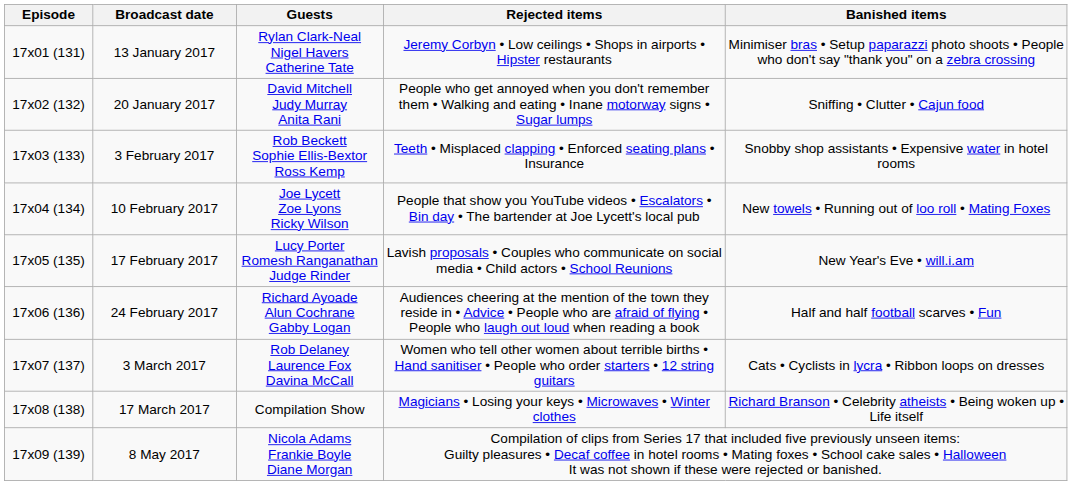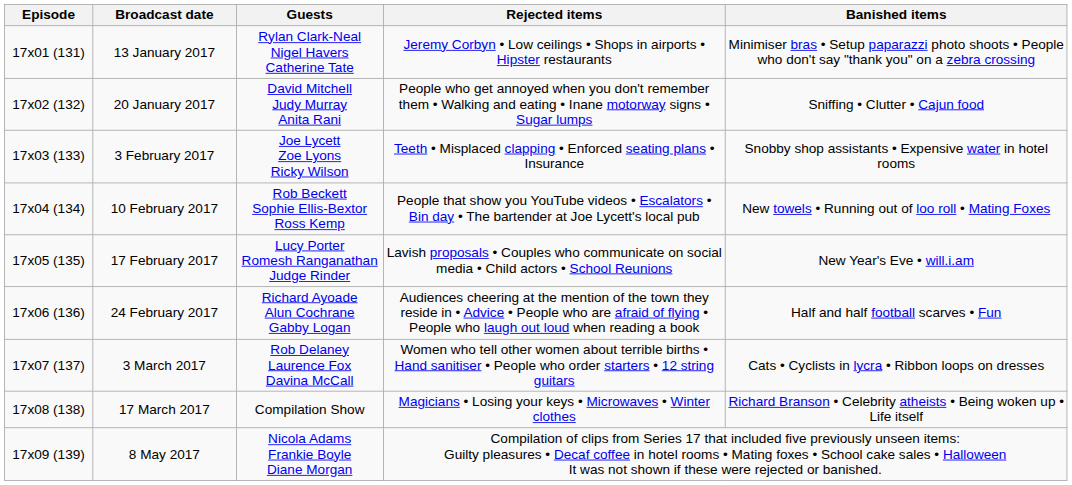 <table class="wikitable"  style="width:99%; left:0 auto; text-align:center;">
 <tr>
 <th style="width:8%;">Episode</th>
 <th style="width:13%;">Broadcast date</th>
 <th style="width:12%;">Guests</th>
 <th style="width:31%;">Rejected items</th>
 <th style="width:31%;">Banished items</th>
 </tr>
 <tr>
 <td>17x01 (131)</td>
 <td>13 January 2017</td>
 <td><a href='#'>Rylan Clark-Neal</a><br><a href='#'>Nigel Havers</a><br><a href='#'>Catherine Tate</a></td>
 <td><a href='#'>Jeremy Corbyn</a> • Low ceilings • Shops in airports • <a href='#'>Hipster</a> restaurants</td>
 <td>Minimiser <a href='#'>bras</a> • Setup <a href='#'>paparazzi</a> photo shoots • People who don't say "thank you" on a <a href='#'>zebra crossing</a></td>
 </tr>
 <tr>
 <td>17x02 (132)</td>
 <td>20 January 2017</td>
 <td><a href='#'>David Mitchell</a><br><a href='#'>Judy Murray</a><br><a href='#'>Anita Rani</a></td>
 <td>People who get annoyed when you don't remember them • Walking and eating • Inane <a href='#'>motorway</a> signs • <a href='#'>Sugar lumps</a></td>
 <td>Sniffing • Clutter • <a href='#'>Cajun food</a></td>
 </tr>
 <tr>
 <td>17x03 (133)</td>
 <td>3 February 2017</td>
-<td><a href='#'>Rob Beckett</a><br><a href='#'>Sophie Ellis-Bextor</a><br><a href='#'>Ross Kemp</a></td>
+<td><a href='#'>Joe Lycett</a><br><a href='#'>Zoe Lyons</a><br><a href='#'>Ricky Wilson</a></td>
 <td><a href='#'>Teeth</a> • Misplaced <a href='#'>clapping</a> • Enforced <a href='#'>seating plans</a> • Insurance</td>
 <td>Snobby shop assistants • Expensive <a href='#'>water</a> in hotel rooms</td>
 </tr>
 <tr>
 <td>17x04 (134)</td>
 <td>10 February 2017</td>
-<td><a href='#'>Joe Lycett</a><br><a href='#'>Zoe Lyons</a><br><a href='#'>Ricky Wilson</a></td>
+<td><a href='#'>Rob Beckett</a><br><a href='#'>Sophie Ellis-Bextor</a><br><a href='#'>Ross Kemp</a></td>
 <td>People that show you YouTube videos • <a href='#'>Escalators</a> • <a href='#'>Bin day</a> • The bartender at Joe Lycett's local pub</td>
 <td>New <a href='#'>towels</a> • Running out of <a href='#'>loo roll</a> • <a href='#'>Mating Foxes</a></td>
 </tr>
 <tr>
 <td>17x05 (135)</td>
 <td>17 February 2017</td>
 <td><a href='#'>Lucy Porter</a><br><a href='#'>Romesh&nbsp;Ranganathan</a><br><a href='#'>Judge Rinder</a></td>
 <td>Lavish <a href='#'>proposals</a> • Couples who communicate on social media • Child actors • <a href='#'>School Reunions</a></td>
 <td>New Year's Eve • <a href='#'>will.i.am</a></td>
 </tr>
 <tr>
 <td>17x06 (136)</td>
 <td>24 February 2017</td>
 <td><a href='#'>Richard Ayoade</a><br><a href='#'>Alun Cochrane</a><br><a href='#'>Gabby Logan</a></td>
 <td>Audiences cheering at the mention of the town they reside in • <a href='#'>Advice</a> • People who are <a href='#'>afraid of flying</a> • People who <a href='#'>laugh out loud</a> when reading a book</td>
 <td>Half and half <a href='#'>football</a> scarves • <a href='#'>Fun</a></td>
 </tr>
 <tr>
 <td>17x07 (137)</td>
 <td>3 March 2017</td>
 <td><a href='#'>Rob Delaney</a><br><a href='#'>Laurence Fox</a><br><a href='#'>Davina McCall</a></td>
 <td>Women who tell other women about terrible births • <a href='#'>Hand sanitiser</a> • People who order <a href='#'>starters</a> • <a href='#'>12 string guitars</a></td>
 <td>Cats • Cyclists in <a href='#'>lycra</a> • Ribbon loops on dresses</td>
 </tr>
 <tr>
 <td>17x08 (138)</td>
 <td>17 March 2017</td>
 <td>Compilation Show</td>
 <td><a href='#'>Magicians</a> • Losing your keys • <a href='#'>Microwaves</a> • <a href='#'>Winter clothes</a></td>
 <td><a href='#'>Richard Branson</a> • Celebrity <a href='#'>atheists</a> • Being woken up • Life itself</td>
 </tr>
 <tr>
 <td>17x09 (139)</td>
 <td>8 May 2017</td>
 <td><a href='#'>Nicola Adams</a><br><a href='#'>Frankie Boyle</a><br><a href='#'>Diane Morgan</a></td>
 <td colspan=2>Compilation of clips from Series 17 that included five previously unseen items:<br>Guilty pleasures • <a href='#'>Decaf coffee</a> in hotel rooms • Mating foxes • School cake sales • <a href='#'>Halloween</a><br>It was not shown if these were rejected or banished.</td>
 </tr>
 </table>
